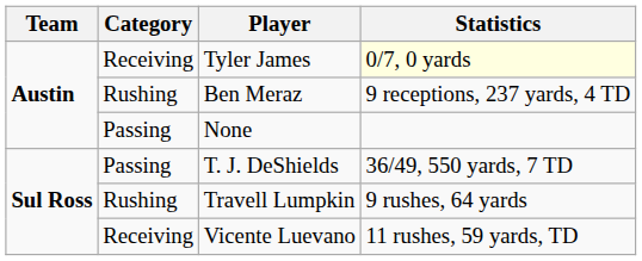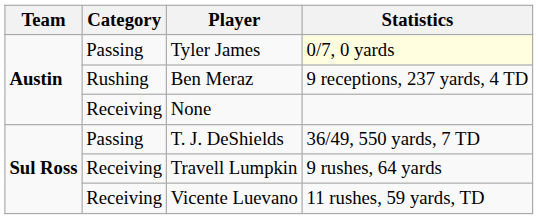 <table class="wikitable" style="float: right;">
 <tr>
 <th>Team</th>
 <th>Category</th>
 <th>Player</th>
 <th>Statistics</th>
 </tr>
 <tr>
 <td rowspan=3><strong>Austin</strong></td>
-<td>Receiving</td>
+<td>Passing</td>
 <td>Tyler James</td>
 <td style="background: lightyellow;">0/7, 0 yards</td>
 </tr>
 <tr>
 <td>Rushing</td>
 <td>Ben Meraz</td>
 <td>9 receptions, 237 yards, 4 TD</td>
 </tr>
 <tr>
-<td>Passing</td>
+<td>Receiving</td>
 <td>None</td>
 <td></td>
 </tr>
 <tr>
 <td rowspan=3><strong>Sul Ross</strong></td>
 <td>Passing</td>
 <td>T. J. DeShields</td>
 <td>36/49, 550 yards, 7 TD</td>
 </tr>
 <tr>
-<td>Rushing</td>
+<td>Receiving</td>
 <td>Travell Lumpkin</td>
 <td>9 rushes, 64 yards</td>
 </tr>
 <tr>
 <td>Receiving</td>
 <td>Vicente Luevano</td>
 <td>11 rushes, 59 yards, TD</td>
 </tr>
 </table>
